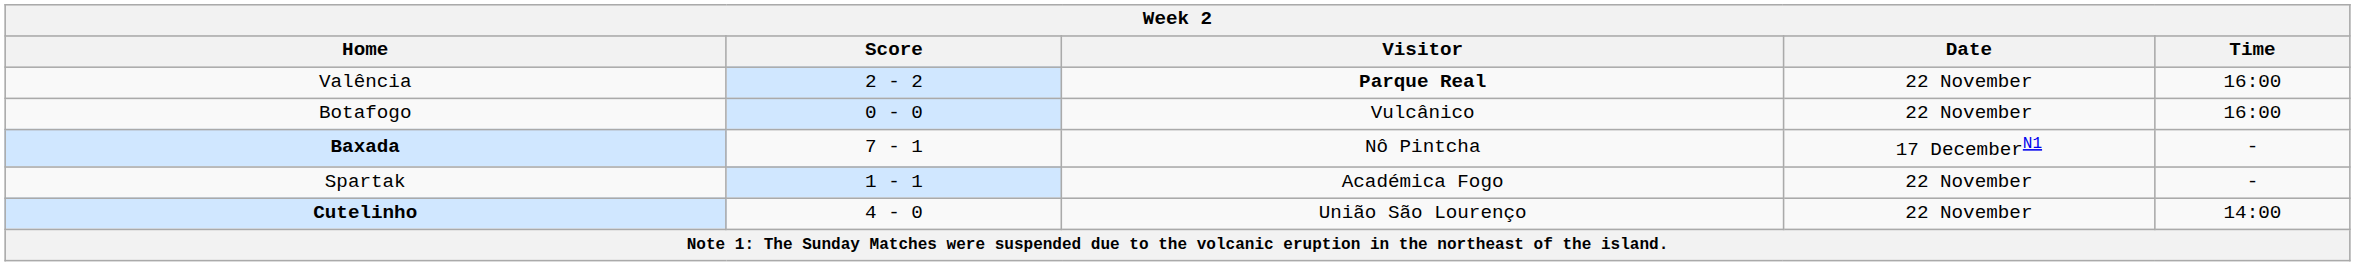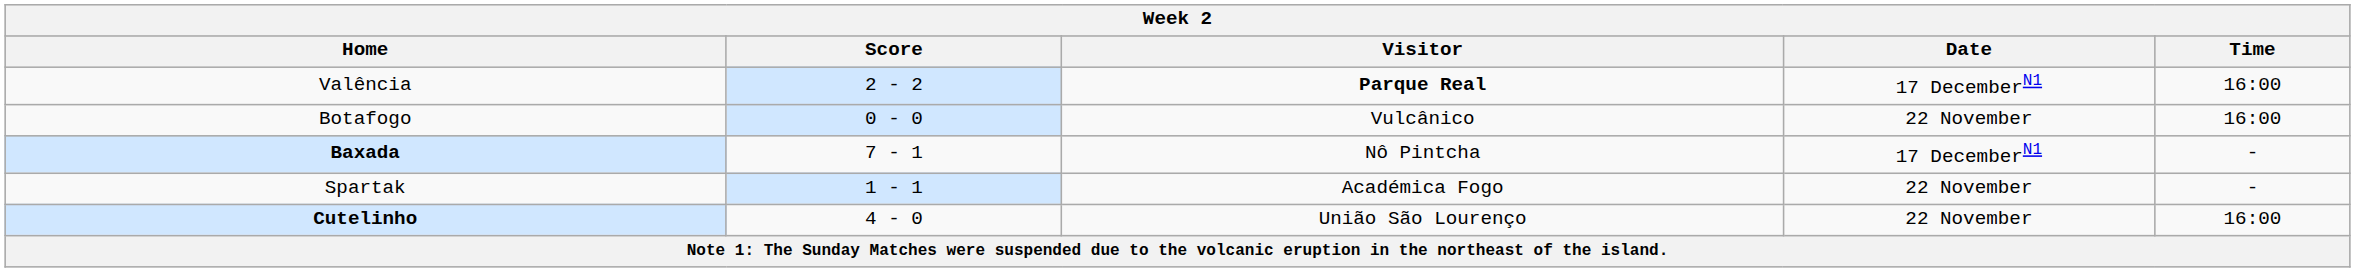 <table class="wikitable" style="margin:1em auto; font-size:95%; text-align: center; width: 95%;">
 <tr>
 <th colspan="12"  style="with:100%;">Week 2</th>
 </tr>
 <tr>
 <th style="width:200px;">Home</th>
 <th width="90">Score</th>
 <th style="width:200px;">Visitor</th>
 <th style="width:100px;">Date</th>
 <th style="width:50px;">Time</th>
 </tr>
 <tr>
 <td>Valência</td>
 <td bgcolor=#D0E7FF>2 - 2</td>
 <td><strong>Parque Real</strong></td>
-<td>22 November</td>
+<td>17 December<sup><a href='#'>N1</a></sup></td>
 <td>16:00</td>
 </tr>
 <tr>
 <td>Botafogo</td>
 <td bgcolor=#D0E7FF>0 - 0</td>
 <td>Vulcânico</td>
 <td>22 November</td>
 <td>16:00</td>
 </tr>
 <tr>
 <td bgcolor=#D0E7FF><strong>Baxada</strong></td>
 <td>7 - 1</td>
 <td>Nô Pintcha</td>
 <td>17 December<sup><a href='#'>N1</a></sup></td>
 <td>-</td>
 </tr>
 <tr>
 <td>Spartak</td>
 <td bgcolor=#D0E7FF>1 - 1</td>
 <td>Académica Fogo</td>
 <td>22 November</td>
 <td>-</td>
 </tr>
 <tr>
 <td bgcolor=#D0E7FF><strong>Cutelinho</strong></td>
 <td>4 - 0</td>
 <td>União São Lourenço</td>
 <td>22 November</td>
-<td>14:00</td>
+<td>16:00</td>
 </tr>
 <tr>
 <th colspan=5><small><div></div>Note 1: The Sunday Matches were suspended due to the volcanic eruption in the northeast of the island.</small></th>
 </tr>
 </table>
